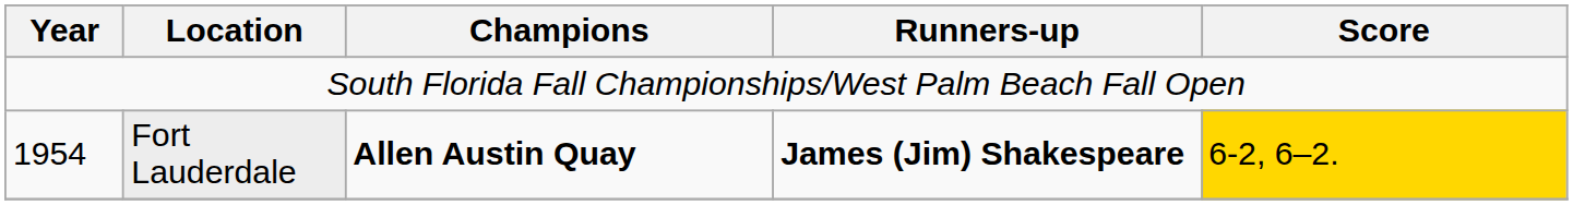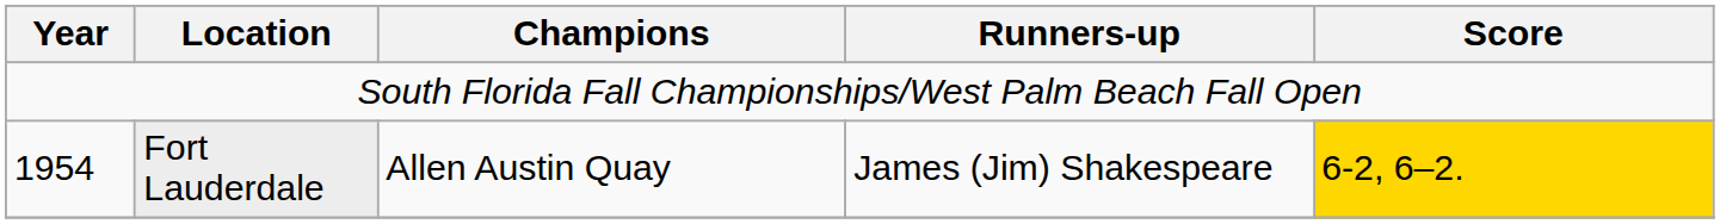 <table class="wikitable sortable">
 <tr>
 <th style="width:50px">Year</th>
 <th style="width:100px">Location</th>
 <th style="width:200px">Champions</th>
 <th style="width:200px">Runners-up</th>
 <th style="width:170px" class="unsortable">Score</th>
 </tr>
 <tr>
 <td colspan=5 align=center><em>South Florida Fall Championships/West Palm Beach Fall Open</em></td>
 </tr>
 <tr>
 <td>1954</td>
 <td style="background:#ededed">Fort Lauderdale</td>
-<td><strong> Allen Austin Quay</strong></td>
-<td><strong> James (Jim) Shakespeare</strong></td>
+<td> Allen Austin Quay</td>
+<td> James (Jim) Shakespeare</td>
 <td style="background: gold;">6-2, 6–2.</td>
 </tr>
 <tr>
 </tr>
 </table>
